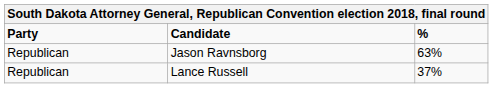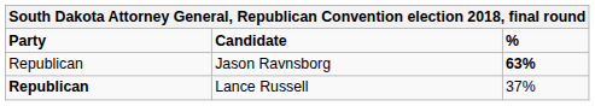 <table class="wikitable">
 <tr>
 <th colspan="5">South Dakota Attorney General, Republican Convention election 2018, final round</th>
 </tr>
 <tr>
 <td><strong>Party</strong></td>
 <td><strong>Candidate</strong></td>
 <td><strong>%</strong></td>
 </tr>
 <tr>
 <td>Republican</td>
 <td>Jason Ravnsborg</td>
-<td>63%</td>
+<td><strong>63%</strong></td>
 </tr>
 <tr>
-<td>Republican</td>
+<td><strong>Republican</strong></td>
 <td>Lance Russell</td>
 <td>37%</td>
 </tr>
 </table>
